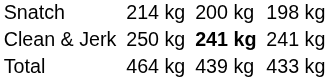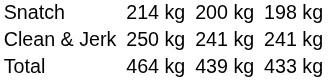 <table>
 <tr>
 <td>Snatch</td>
 <td></td>
 <td>214 kg</td>
 <td></td>
 <td>200 kg</td>
 <td></td>
 <td>198 kg</td>
 </tr>
 <tr>
 <td>Clean & Jerk</td>
 <td></td>
 <td>250 kg</td>
 <td></td>
-<td><strong>241 kg</strong></td>
+<td>241 kg</td>
 <td></td>
 <td>241 kg</td>
 </tr>
 <tr>
 <td>Total</td>
 <td></td>
 <td>464 kg</td>
 <td></td>
 <td>439 kg</td>
 <td></td>
 <td>433 kg</td>
 </tr>
 </table>
